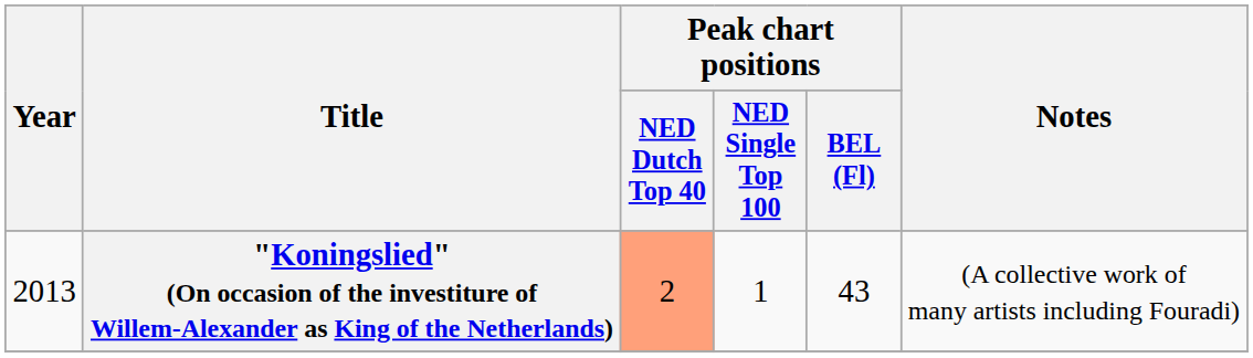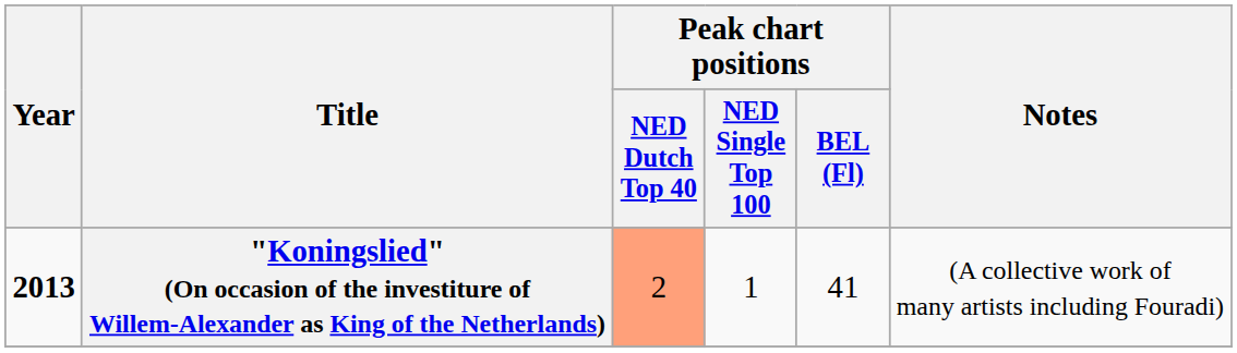 <table class="wikitable plainrowheaders" style="text-align:center;">
 <tr>
 <th scope="col" rowspan="2">Year</th>
 <th scope="col" rowspan="2">Title</th>
 <th scope="col" colspan="3">Peak chart positions</th>
 <th scope="col" rowspan="2">Notes</th>
 </tr>
 <tr>
 <th scope="col" style="width:3em;font-size:85%;"><a href='#'>NED <br>Dutch<br>Top 40</a><br></th>
 <th scope="col" style="width:3em;font-size:85%;"><a href='#'>NED<br>Single<br>Top 100</a><br></th>
 <th scope="col" style="width:3em;font-size:85%;"><a href='#'>BEL <br>(Fl)</a><br></th>
 </tr>
 <tr>
-<td rowspan=1>2013</td>
+<td rowspan=1><strong>2013</strong></td>
 <th scope="row">"<a href='#'>Koningslied</a>"<br><small>(On occasion of the investiture of <br><a href='#'>Willem-Alexander</a> as <a href='#'>King of the Netherlands</a>)</small></th>
 <td style="background: lightsalmon;">2</td>
 <td>1</td>
-<td>43</td>
+<td>41</td>
 <td><small>(A collective work of <br>many artists including Fouradi)</small></td>
 </tr>
 <tr>
 </tr>
 </table>
